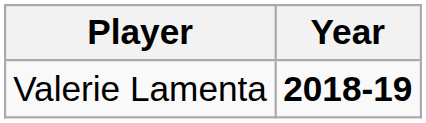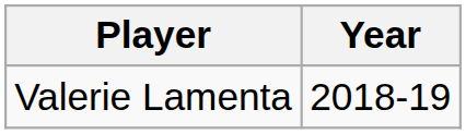 <table class="wikitable">
 <tr>
 <th>Player</th>
 <th>Year</th>
 </tr>
 <tr>
 <td>Valerie Lamenta</td>
-<td><strong>2018-19</strong></td>
+<td>2018-19</td>
 </tr>
 </table>
